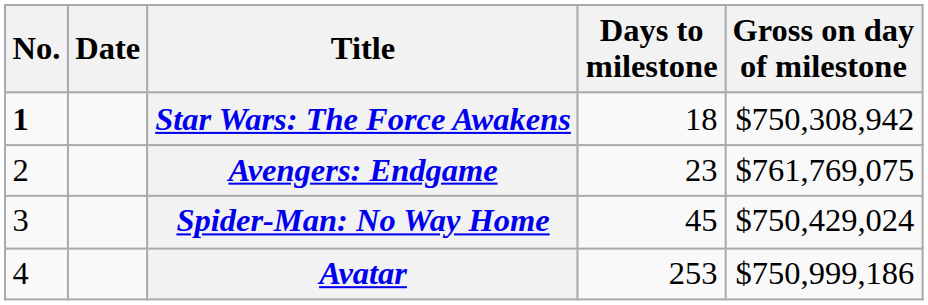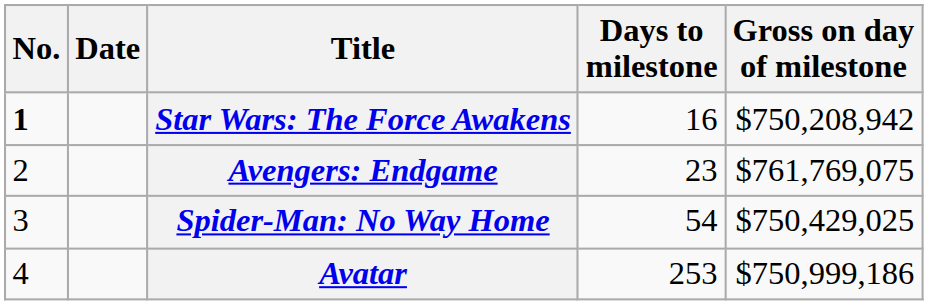 <table class="wikitable">
 <tr>
 <th scope="col">No.</th>
 <th scope="col">Date</th>
 <th scope="col">Title</th>
 <th scope="col">Days to <br>milestone</th>
 <th scope="col">Gross on day <br>of milestone</th>
 </tr>
 <tr>
 <td><strong>1</strong></td>
 <td></td>
 <th scope="row"><em><a href='#'>Star Wars: The Force Awakens</a></em></th>
-<td style="text-align:right;">18</td>
-<td style="text-align:right;">$750,308,942</td>
+<td style="text-align:right;">16</td>
+<td style="text-align:right;">$750,208,942</td>
 </tr>
 <tr>
 <td>2</td>
 <td></td>
 <th scope="row"><em><a href='#'>Avengers: Endgame</a></em></th>
 <td style="text-align:right;">23</td>
 <td style="text-align:right;">$761,769,075</td>
 </tr>
 <tr>
 <td>3</td>
 <td></td>
 <th scope="row"><em><a href='#'>Spider-Man: No Way Home</a></em></th>
-<td style="text-align:right;">45</td>
-<td style="text-align:right;">$750,429,024</td>
+<td style="text-align:right;">54</td>
+<td style="text-align:right;">$750,429,025</td>
 </tr>
 <tr>
 <td>4</td>
 <td></td>
 <th scope="row"><em><a href='#'>Avatar</a></em></th>
 <td style="text-align:right;">253</td>
 <td style="text-align:right;">$750,999,186</td>
 </tr>
 </table>
